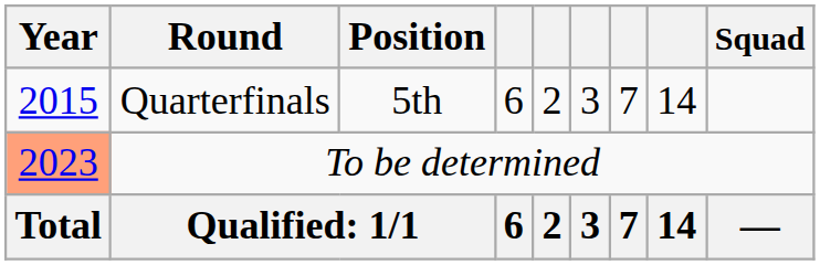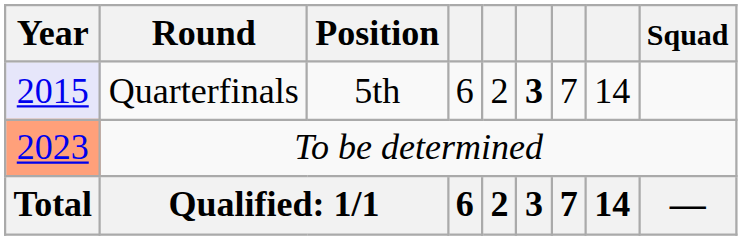 <table class="wikitable" style="text-align: center;">
 <tr>
 <th>Year</th>
 <th>Round</th>
 <th>Position</th>
 <th></th>
 <th></th>
 <th></th>
 <th></th>
 <th></th>
 <th><small>Squad</small></th>
 </tr>
 <tr>
-<td> <a href='#'>2015</a></td>
+<td style="background: lavender;"> <a href='#'>2015</a></td>
 <td>Quarterfinals</td>
 <td>5th</td>
 <td>6</td>
 <td>2</td>
-<td>3</td>
+<td><strong>3</strong></td>
 <td>7</td>
 <td>14</td>
 <td></td>
 </tr>
 <tr>
 <td style="background: lightsalmon;"> <a href='#'>2023</a></td>
 <td colspan=8><em>To be determined</em></td>
 </tr>
 <tr>
 <th>Total</th>
 <th colspan="2">Qualified: 1/1</th>
 <th>6</th>
 <th>2</th>
 <th>3</th>
 <th>7</th>
 <th>14</th>
 <th>—</th>
 </tr>
 </table>
